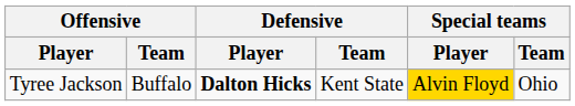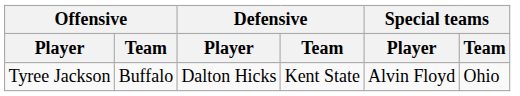 <table class="wikitable" style="display: inline-table;">
 <tr>
 <th colspan="2">Offensive</th>
 <th colspan="2">Defensive</th>
 <th colspan="2">Special teams</th>
 </tr>
 <tr>
 <th>Player</th>
 <th>Team</th>
 <th>Player</th>
 <th>Team</th>
 <th>Player</th>
 <th>Team</th>
 </tr>
 <tr>
 <td>Tyree Jackson</td>
 <td>Buffalo</td>
-<td><strong>Dalton Hicks</strong></td>
+<td>Dalton Hicks</td>
 <td>Kent State</td>
-<td style="background: gold;">Alvin Floyd</td>
+<td>Alvin Floyd</td>
 <td>Ohio</td>
 </tr>
 </table>
